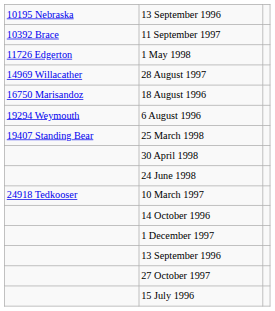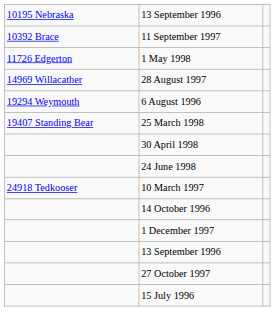 <table class="wikitable" style="font-size: 89%; float: left; width: 26em; margin-right: 1em; height: 420px;">
 <tr>
 <td><a href='#'>10195 Nebraska</a></td>
 <td>13 September 1996</td>
 <td></td>
 </tr>
 <tr>
 <td><a href='#'>10392 Brace</a></td>
 <td>11 September 1997</td>
 <td></td>
 </tr>
 <tr>
 <td><a href='#'>11726 Edgerton</a></td>
 <td>1 May 1998</td>
 <td></td>
 </tr>
 <tr>
 <td><a href='#'>14969 Willacather</a></td>
 <td>28 August 1997</td>
-<td></td>
-</tr>
-<tr>
-<td><a href='#'>16750 Marisandoz</a></td>
-<td>18 August 1996</td>
 <td></td>
 </tr>
 <tr>
 <td><a href='#'>19294 Weymouth</a></td>
 <td>6 August 1996</td>
 <td></td>
 </tr>
 <tr>
 <td><a href='#'>19407 Standing Bear</a></td>
 <td>25 March 1998</td>
 <td></td>
 </tr>
 <tr>
 <td></td>
 <td>30 April 1998</td>
 <td></td>
 </tr>
 <tr>
 <td></td>
 <td>24 June 1998</td>
 <td></td>
 </tr>
 <tr>
 <td><a href='#'>24918 Tedkooser</a></td>
 <td>10 March 1997</td>
 <td></td>
 </tr>
 <tr>
 <td></td>
 <td>14 October 1996</td>
 <td></td>
 </tr>
 <tr>
 <td></td>
 <td>1 December 1997</td>
 <td></td>
 </tr>
 <tr>
 <td></td>
 <td>13 September 1996</td>
 <td></td>
 </tr>
 <tr>
 <td></td>
 <td>27 October 1997</td>
 <td></td>
 </tr>
 <tr>
 <td></td>
 <td>15 July 1996</td>
 <td></td>
 </tr>
 </table>
